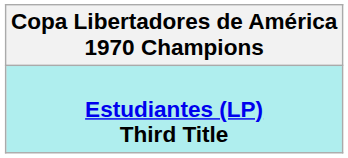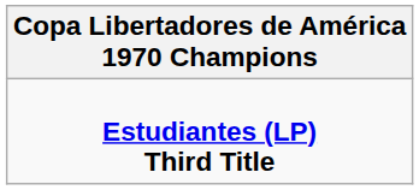 <table class="wikitable" style="text-align: center; margin: 0 auto;">
 <tr>
 <th>Copa Libertadores de América<br>1970 Champions</th>
 </tr>
 <tr>
-<td style="background: paleturquoise;"><br><strong><a href='#'>Estudiantes (LP)</a></strong><br><strong>Third Title</strong></td>
+<td><br><strong><a href='#'>Estudiantes (LP)</a></strong><br><strong>Third Title</strong></td>
 </tr>
 </table>
